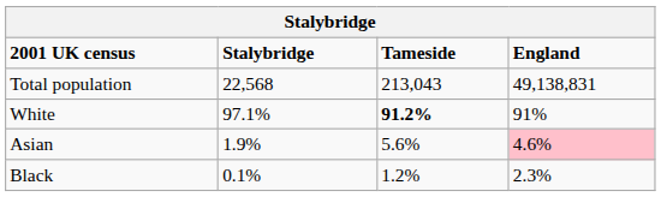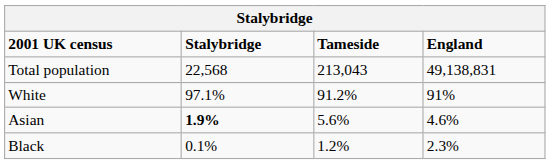 <table class="wikitable" style="float: right; margin-left: 2em; width: 40%; font-size: 90%;" cellspacing="3">
 <tr>
 <th colspan="4"><strong>Stalybridge</strong></th>
 </tr>
 <tr>
 <td><strong>2001 UK census</strong></td>
 <td><strong>Stalybridge</strong></td>
 <td><strong>Tameside</strong></td>
 <td><strong>England</strong></td>
 </tr>
 <tr>
 <td>Total population</td>
 <td>22,568</td>
 <td>213,043</td>
 <td>49,138,831</td>
 </tr>
 <tr>
 <td>White</td>
 <td>97.1%</td>
-<td><strong>91.2%</strong></td>
+<td>91.2%</td>
 <td>91%</td>
 </tr>
 <tr>
 <td>Asian</td>
-<td>1.9%</td>
+<td><strong>1.9%</strong></td>
 <td>5.6%</td>
-<td style="background: pink;">4.6%</td>
+<td>4.6%</td>
 </tr>
 <tr>
 <td>Black</td>
 <td>0.1%</td>
 <td>1.2%</td>
 <td>2.3%</td>
 </tr>
 </table>
